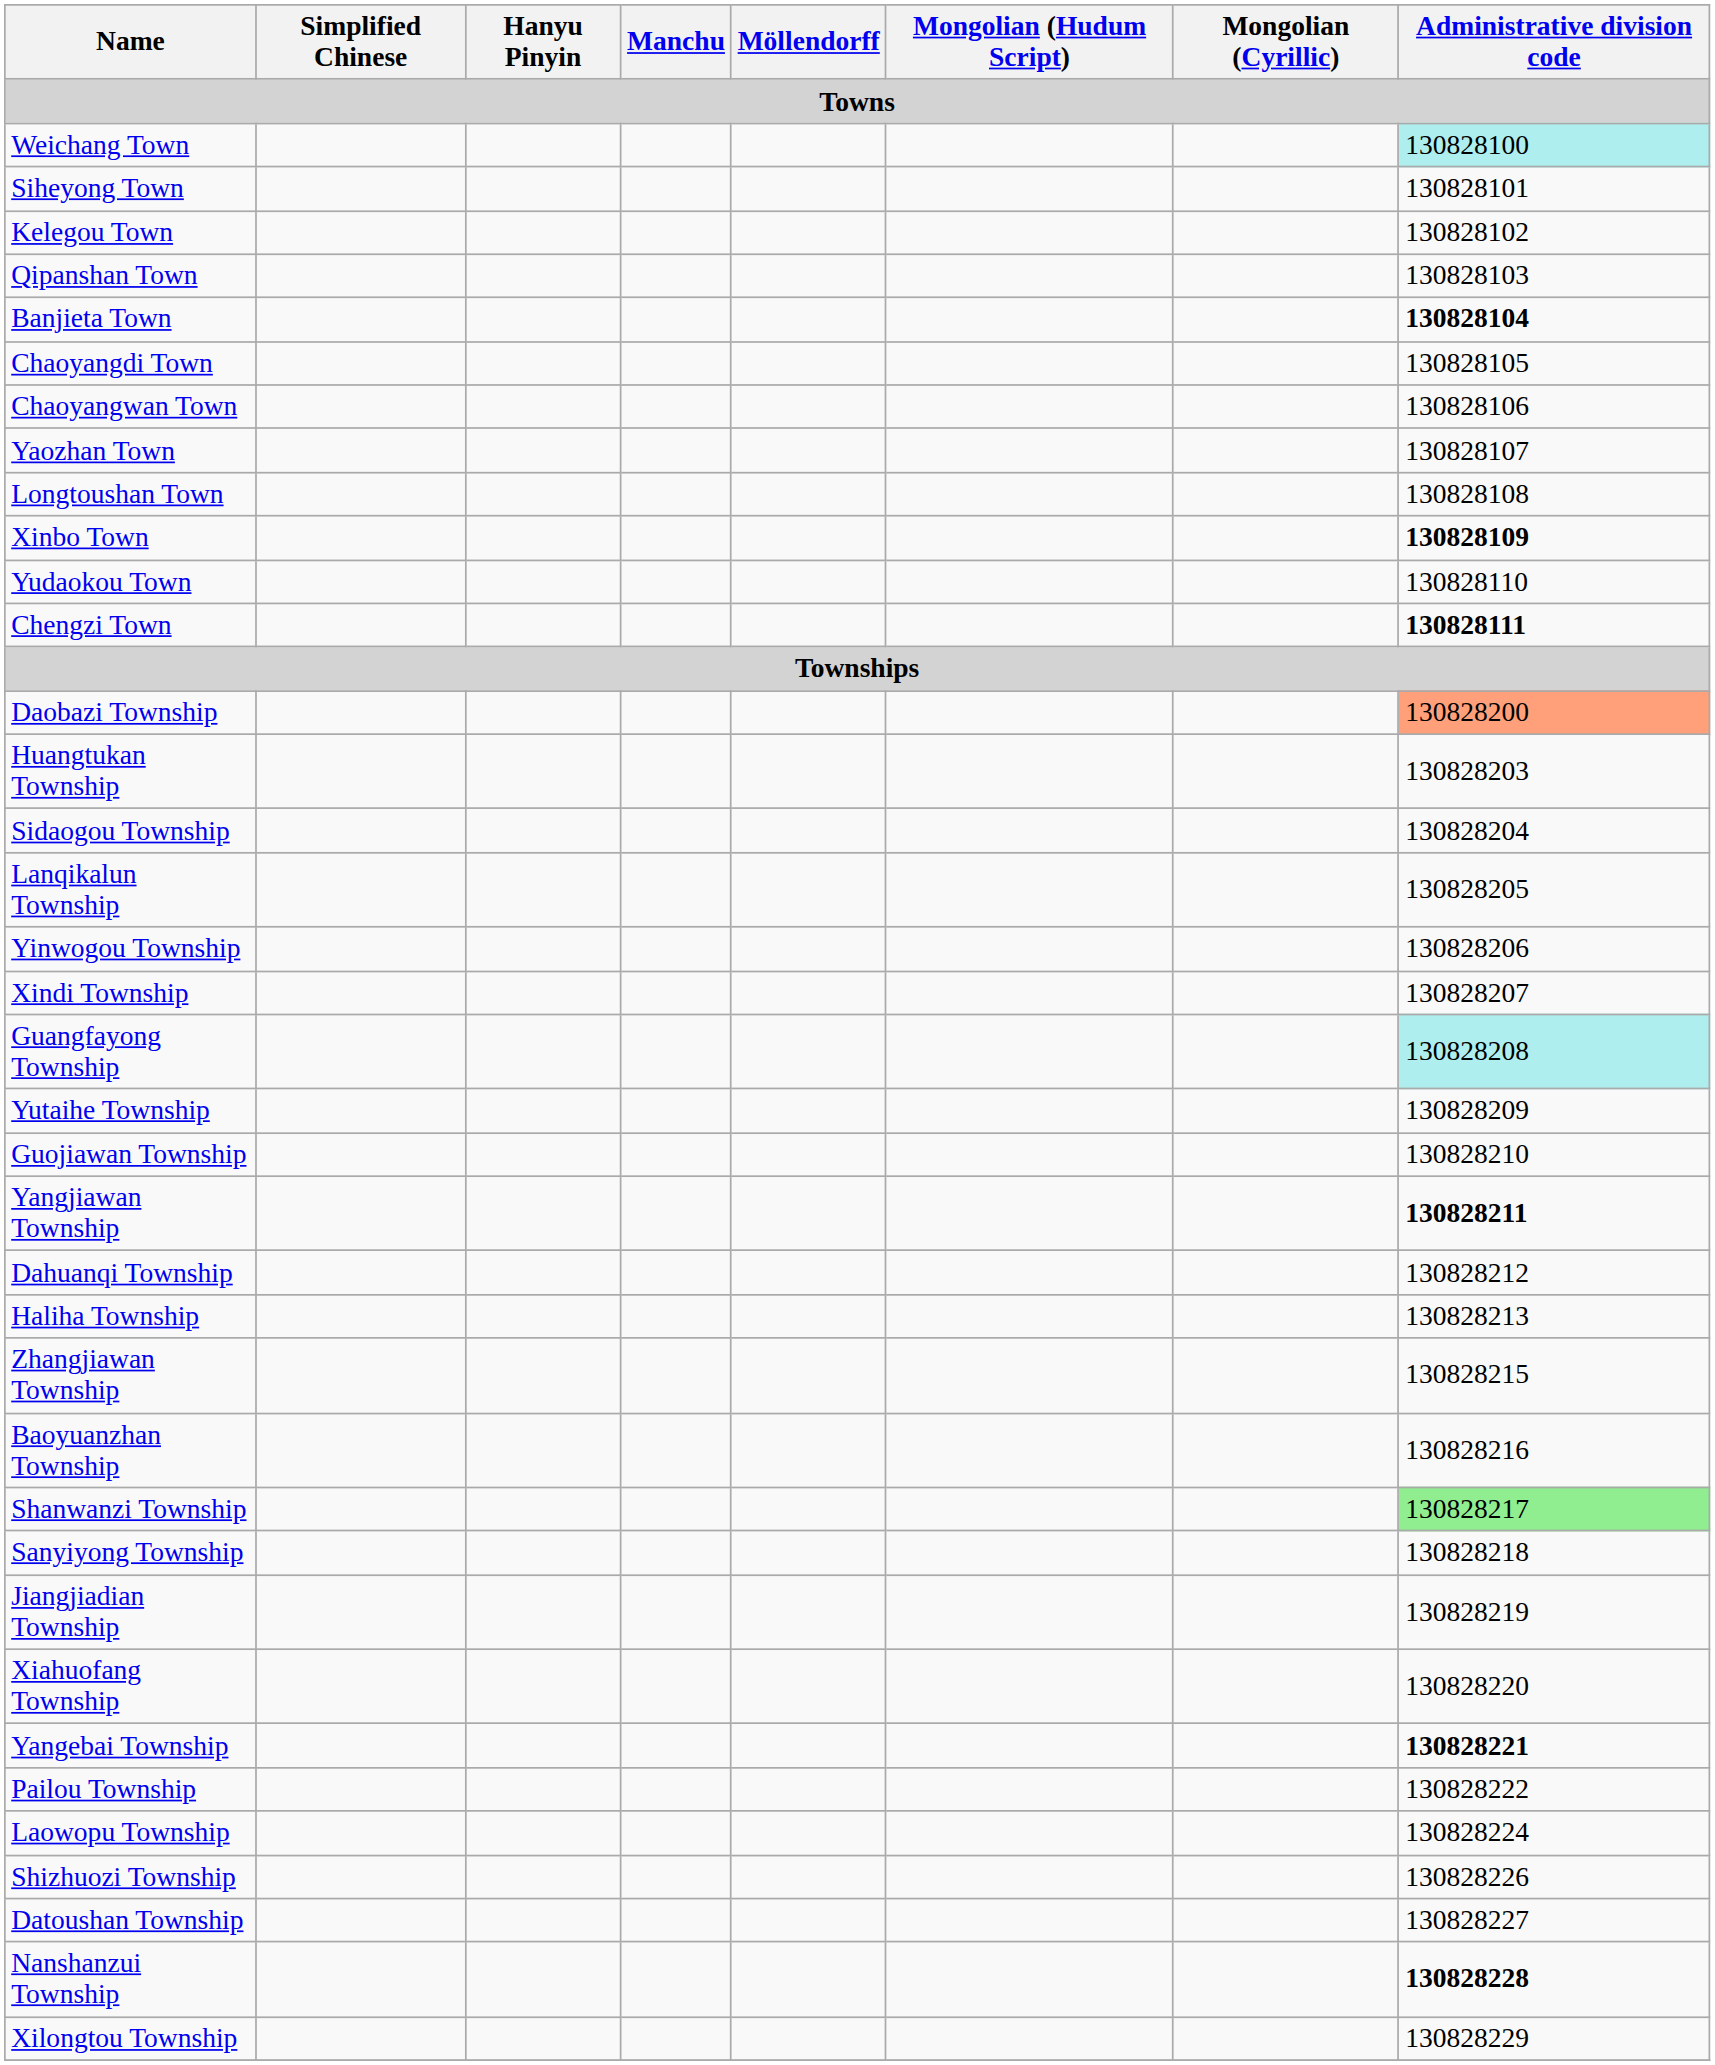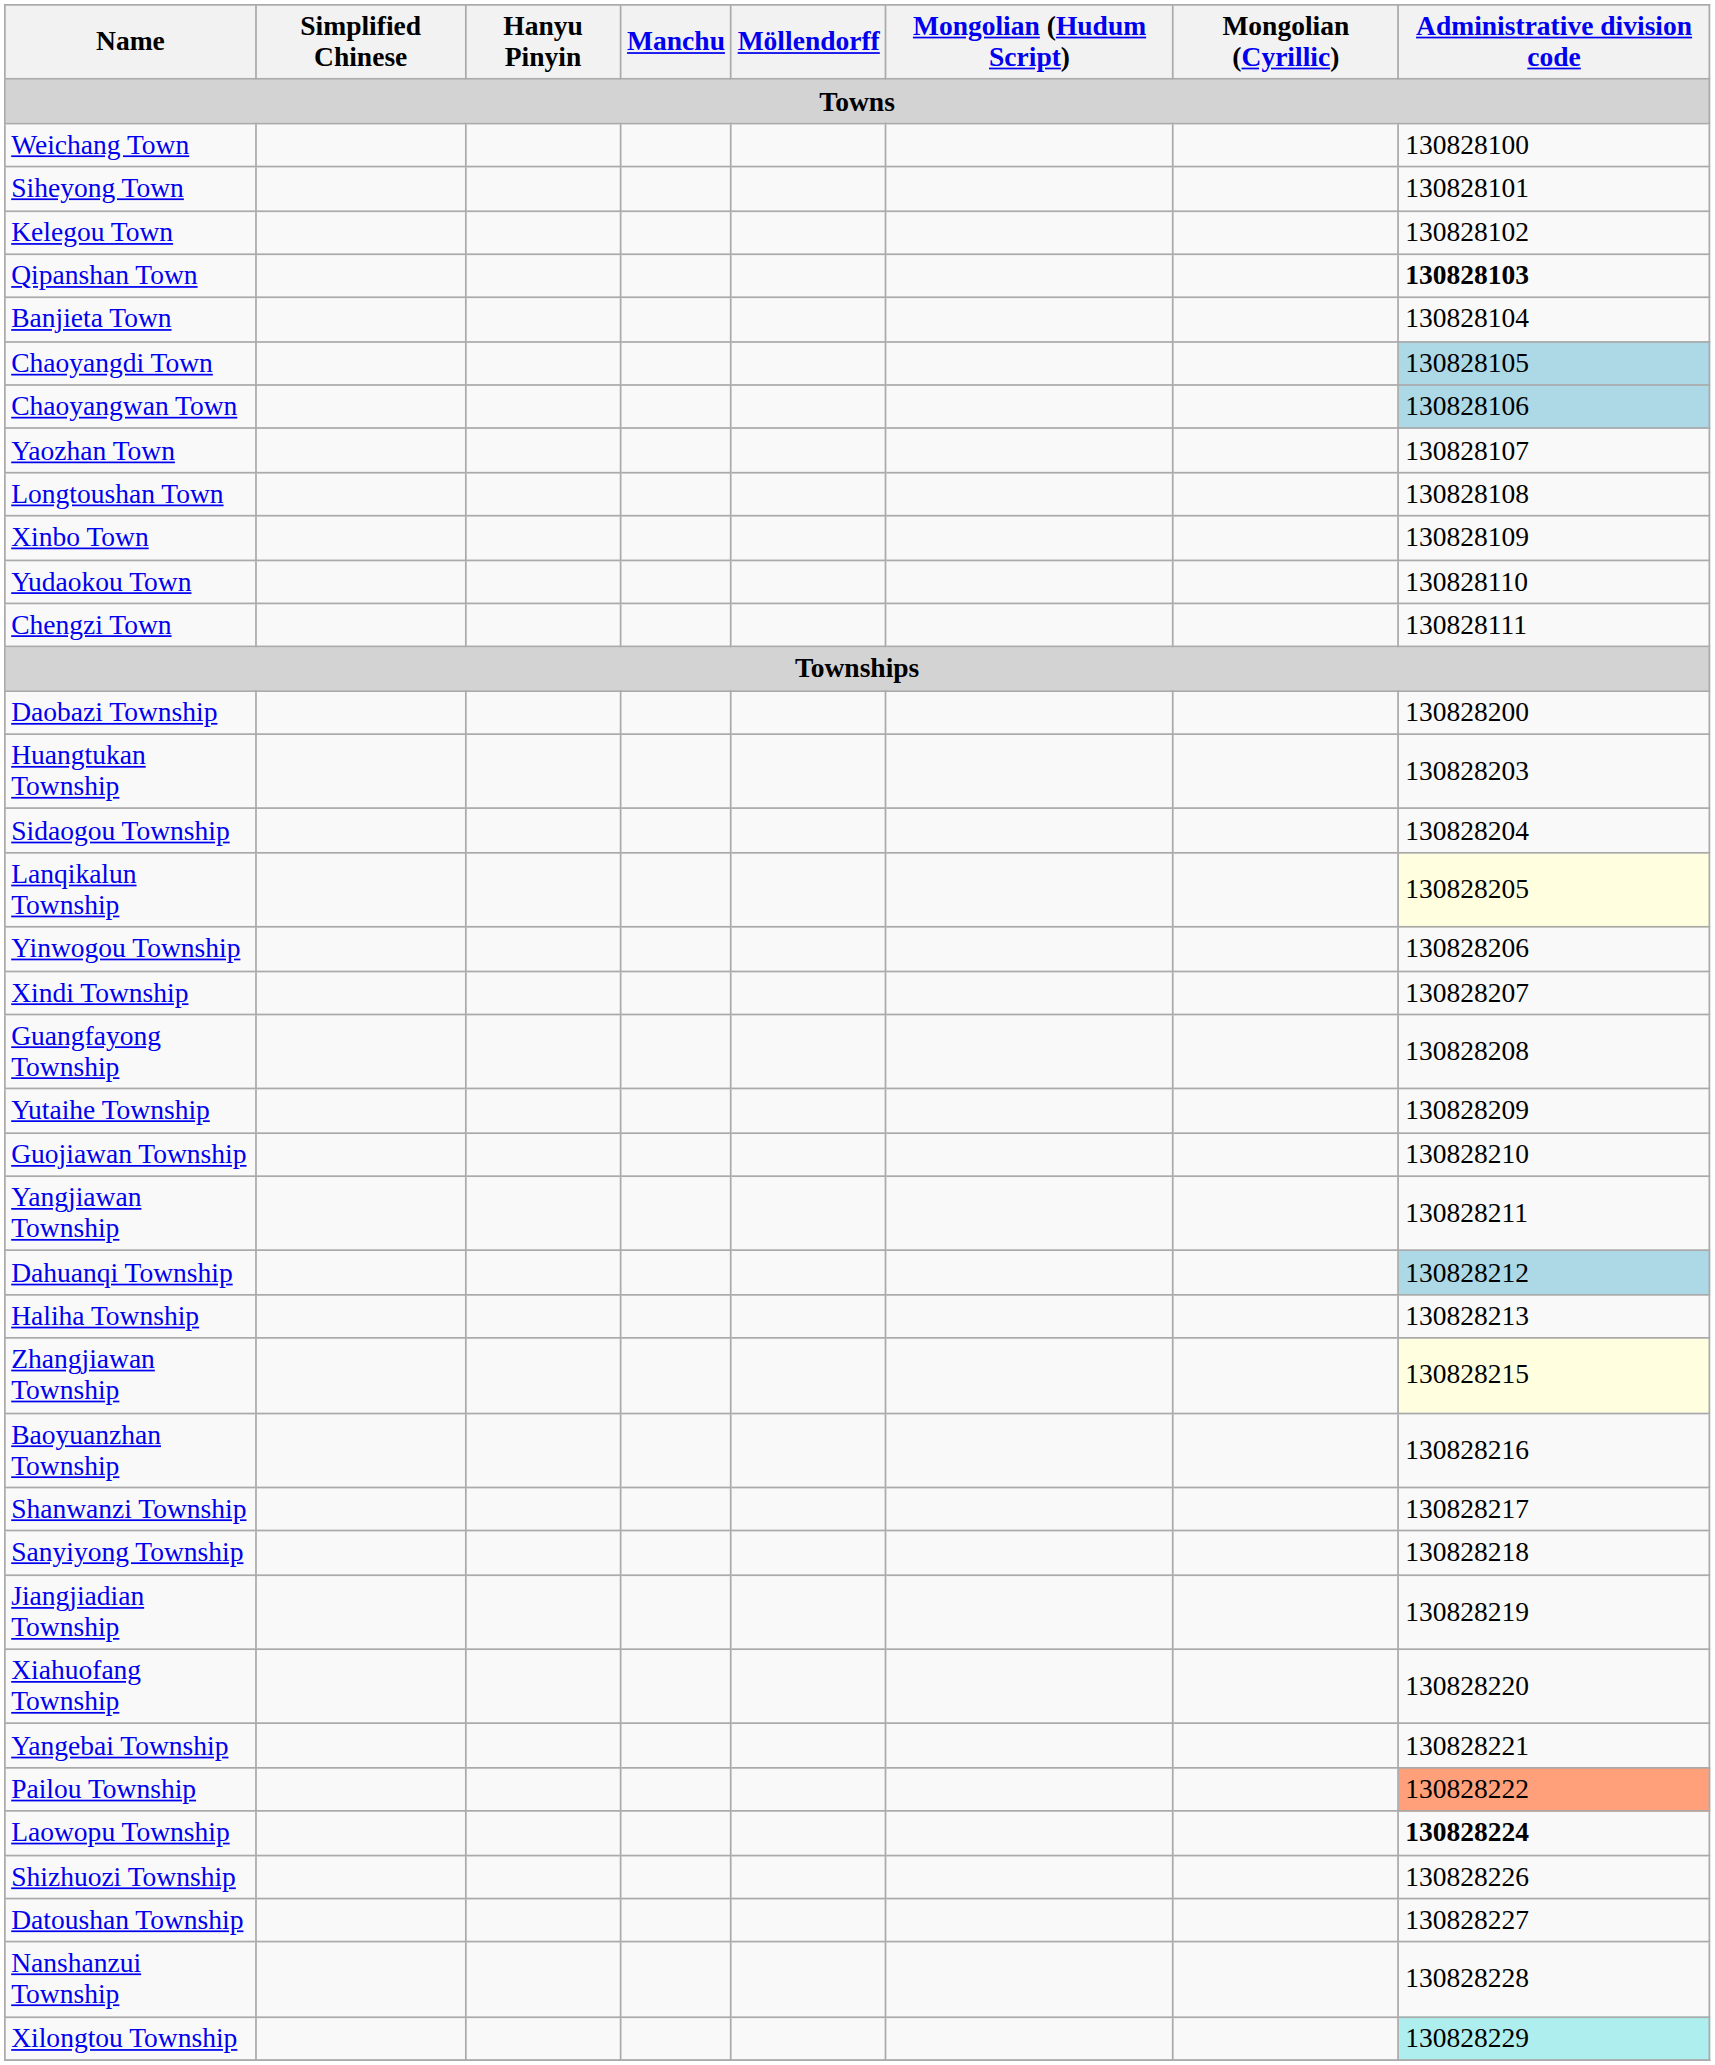 <table class="wikitable" align="center" style="width:50%; border="1">
 <tr>
 <th>Name</th>
 <th>Simplified Chinese</th>
 <th>Hanyu Pinyin</th>
 <th><a href='#'>Manchu</a></th>
 <th><a href='#'>Möllendorff</a></th>
 <th><a href='#'>Mongolian</a> (<a href='#'>Hudum Script</a>)</th>
 <th>Mongolian (<a href='#'>Cyrillic</a>)</th>
 <th><a href='#'>Administrative division code</a></th>
 </tr>
 <tr>
 <td colspan="8"  style="text-align:center; background:#d3d3d3;"><strong>Towns</strong></td>
 </tr>
 <tr --------->
 <td><a href='#'>Weichang Town</a></td>
 <td></td>
 <td></td>
 <td></td>
 <td></td>
 <td></td>
 <td></td>
-<td style="background: paleturquoise;">130828100</td>
+<td>130828100</td>
 </tr>
 <tr>
 <td><a href='#'>Siheyong Town</a></td>
 <td></td>
 <td></td>
 <td></td>
 <td></td>
 <td></td>
 <td></td>
 <td>130828101</td>
 </tr>
 <tr>
 <td><a href='#'>Kelegou Town</a></td>
 <td></td>
 <td></td>
 <td></td>
 <td></td>
 <td></td>
 <td></td>
 <td>130828102</td>
 </tr>
 <tr>
 <td><a href='#'>Qipanshan Town</a></td>
 <td></td>
 <td></td>
 <td></td>
 <td></td>
 <td></td>
 <td></td>
-<td>130828103</td>
+<td><strong>130828103</strong></td>
 </tr>
 <tr>
 <td><a href='#'>Banjieta Town</a></td>
 <td></td>
 <td></td>
 <td></td>
 <td></td>
 <td></td>
 <td></td>
-<td><strong>130828104</strong></td>
+<td>130828104</td>
 </tr>
 <tr>
 <td><a href='#'>Chaoyangdi Town</a></td>
 <td></td>
 <td></td>
 <td></td>
 <td></td>
 <td></td>
 <td></td>
-<td>130828105</td>
+<td style="background: lightblue;">130828105</td>
 </tr>
 <tr>
 <td><a href='#'>Chaoyangwan Town</a></td>
 <td></td>
 <td></td>
 <td></td>
 <td></td>
 <td></td>
 <td></td>
-<td>130828106</td>
+<td style="background: lightblue;">130828106</td>
 </tr>
 <tr>
 <td><a href='#'>Yaozhan Town</a></td>
 <td></td>
 <td></td>
 <td></td>
 <td></td>
 <td></td>
 <td></td>
 <td>130828107</td>
 </tr>
 <tr>
 <td><a href='#'>Longtoushan Town</a></td>
 <td></td>
 <td></td>
 <td></td>
 <td></td>
 <td></td>
 <td></td>
 <td>130828108</td>
 </tr>
 <tr>
 <td><a href='#'>Xinbo Town</a></td>
 <td></td>
 <td></td>
 <td></td>
 <td></td>
 <td></td>
 <td></td>
-<td><strong>130828109</strong></td>
+<td>130828109</td>
 </tr>
 <tr>
 <td><a href='#'>Yudaokou Town</a></td>
 <td></td>
 <td></td>
 <td></td>
 <td></td>
 <td></td>
 <td></td>
 <td>130828110</td>
 </tr>
 <tr>
 <td><a href='#'>Chengzi Town</a></td>
 <td></td>
 <td></td>
 <td></td>
 <td></td>
 <td></td>
 <td></td>
-<td><strong>130828111</strong></td>
+<td>130828111</td>
 </tr>
 <tr>
 <td colspan="8"  style="text-align:center; background:#d3d3d3;"><strong>Townships</strong></td>
 </tr>
 <tr --------->
 <td><a href='#'>Daobazi Township</a></td>
 <td></td>
 <td></td>
 <td></td>
 <td></td>
 <td></td>
 <td></td>
-<td style="background: lightsalmon;">130828200</td>
+<td>130828200</td>
 </tr>
 <tr>
 <td><a href='#'>Huangtukan Township</a></td>
 <td></td>
 <td></td>
 <td></td>
 <td></td>
 <td></td>
 <td></td>
 <td>130828203</td>
 </tr>
 <tr>
 <td><a href='#'>Sidaogou Township</a></td>
 <td></td>
 <td></td>
 <td></td>
 <td></td>
 <td></td>
 <td></td>
 <td>130828204</td>
 </tr>
 <tr>
 <td><a href='#'>Lanqikalun Township</a></td>
 <td></td>
 <td></td>
 <td></td>
 <td></td>
 <td></td>
 <td></td>
-<td>130828205</td>
+<td style="background: lightyellow;">130828205</td>
 </tr>
 <tr>
 <td><a href='#'>Yinwogou Township</a></td>
 <td></td>
 <td></td>
 <td></td>
 <td></td>
 <td></td>
 <td></td>
 <td>130828206</td>
 </tr>
 <tr>
 <td><a href='#'>Xindi Township</a></td>
 <td></td>
 <td></td>
 <td></td>
 <td></td>
 <td></td>
 <td></td>
 <td>130828207</td>
 </tr>
 <tr>
 <td><a href='#'>Guangfayong Township</a></td>
 <td></td>
 <td></td>
 <td></td>
 <td></td>
 <td></td>
 <td></td>
-<td style="background: paleturquoise;">130828208</td>
+<td>130828208</td>
 </tr>
 <tr>
 <td><a href='#'>Yutaihe Township</a></td>
 <td></td>
 <td></td>
 <td></td>
 <td></td>
 <td></td>
 <td></td>
 <td>130828209</td>
 </tr>
 <tr>
 <td><a href='#'>Guojiawan Township</a></td>
 <td></td>
 <td></td>
 <td></td>
 <td></td>
 <td></td>
 <td></td>
 <td>130828210</td>
 </tr>
 <tr>
 <td><a href='#'>Yangjiawan Township</a></td>
 <td></td>
 <td></td>
 <td></td>
 <td></td>
 <td></td>
 <td></td>
-<td><strong>130828211</strong></td>
+<td>130828211</td>
 </tr>
 <tr>
 <td><a href='#'>Dahuanqi Township</a></td>
 <td></td>
 <td></td>
 <td></td>
 <td></td>
 <td></td>
 <td></td>
-<td>130828212</td>
+<td style="background: lightblue;">130828212</td>
 </tr>
 <tr>
 <td><a href='#'>Haliha Township</a></td>
 <td></td>
 <td></td>
 <td></td>
 <td></td>
 <td></td>
 <td></td>
 <td>130828213</td>
 </tr>
 <tr>
 <td><a href='#'>Zhangjiawan Township</a></td>
 <td></td>
 <td></td>
 <td></td>
 <td></td>
 <td></td>
 <td></td>
-<td>130828215</td>
+<td style="background: lightyellow;">130828215</td>
 </tr>
 <tr>
 <td><a href='#'>Baoyuanzhan Township</a></td>
 <td></td>
 <td></td>
 <td></td>
 <td></td>
 <td></td>
 <td></td>
 <td>130828216</td>
 </tr>
 <tr>
 <td><a href='#'>Shanwanzi Township</a></td>
 <td></td>
 <td></td>
 <td></td>
 <td></td>
 <td></td>
 <td></td>
-<td style="background: lightgreen;">130828217</td>
+<td>130828217</td>
 </tr>
 <tr>
 <td><a href='#'>Sanyiyong Township</a></td>
 <td></td>
 <td></td>
 <td></td>
 <td></td>
 <td></td>
 <td></td>
 <td>130828218</td>
 </tr>
 <tr>
 <td><a href='#'>Jiangjiadian Township</a></td>
 <td></td>
 <td></td>
 <td></td>
 <td></td>
 <td></td>
 <td></td>
 <td>130828219</td>
 </tr>
 <tr>
 <td><a href='#'>Xiahuofang Township</a></td>
 <td></td>
 <td></td>
 <td></td>
 <td></td>
 <td></td>
 <td></td>
 <td>130828220</td>
 </tr>
 <tr>
 <td><a href='#'>Yangebai Township</a></td>
 <td></td>
 <td></td>
 <td></td>
 <td></td>
 <td></td>
 <td></td>
-<td><strong>130828221</strong></td>
+<td>130828221</td>
 </tr>
 <tr>
 <td><a href='#'>Pailou Township</a></td>
 <td></td>
 <td></td>
 <td></td>
 <td></td>
 <td></td>
 <td></td>
-<td>130828222</td>
+<td style="background: lightsalmon;">130828222</td>
 </tr>
 <tr>
 <td><a href='#'>Laowopu Township</a></td>
 <td></td>
 <td></td>
 <td></td>
 <td></td>
 <td></td>
 <td></td>
-<td>130828224</td>
+<td><strong>130828224</strong></td>
 </tr>
 <tr>
 <td><a href='#'>Shizhuozi Township</a></td>
 <td></td>
 <td></td>
 <td></td>
 <td></td>
 <td></td>
 <td></td>
 <td>130828226</td>
 </tr>
 <tr>
 <td><a href='#'>Datoushan Township</a></td>
 <td></td>
 <td></td>
 <td></td>
 <td></td>
 <td></td>
 <td></td>
 <td>130828227</td>
 </tr>
 <tr>
 <td><a href='#'>Nanshanzui Township</a></td>
 <td></td>
 <td></td>
 <td></td>
 <td></td>
 <td></td>
 <td></td>
-<td><strong>130828228</strong></td>
+<td>130828228</td>
 </tr>
 <tr>
 <td><a href='#'>Xilongtou Township</a></td>
 <td></td>
 <td></td>
 <td></td>
 <td></td>
 <td></td>
 <td></td>
-<td>130828229</td>
+<td style="background: paleturquoise;">130828229</td>
 </tr>
 <tr>
 </tr>
 </table>
